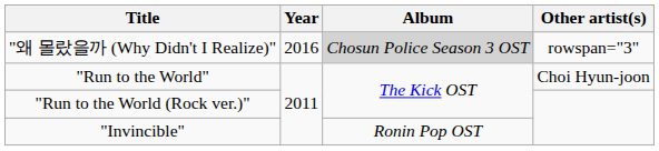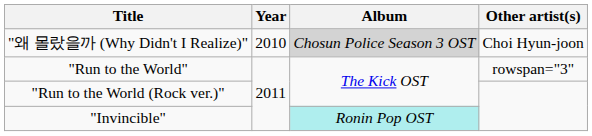 <table class="wikitable" style="text-align: center;">
 <tr>
 <th>Title</th>
 <th>Year</th>
 <th>Album</th>
 <th>Other artist(s)</th>
 </tr>
 <tr>
 <td>"왜 몰랐을까 (Why Didn't I Realize)"</td>
-<td>2016</td>
+<td>2010</td>
 <td style="background: lightgrey;"><em>Chosun Police Season 3 OST</em></td>
-<td>rowspan="3" </td>
+<td>Choi Hyun-joon</td>
 </tr>
 <tr>
 <td>"Run to the World"</td>
 <td rowspan="3">2011</td>
 <td rowspan="2"><em><a href='#'>The Kick</a> OST</em></td>
-<td>Choi Hyun-joon</td>
+<td>rowspan="3" </td>
 </tr>
 <tr>
 <td>"Run to the World (Rock ver.)"</td>
 </tr>
 <tr>
 <td>"Invincible"</td>
-<td><em>Ronin Pop OST</em></td>
+<td style="background: paleturquoise;"><em>Ronin Pop OST</em></td>
 </tr>
 </table>
